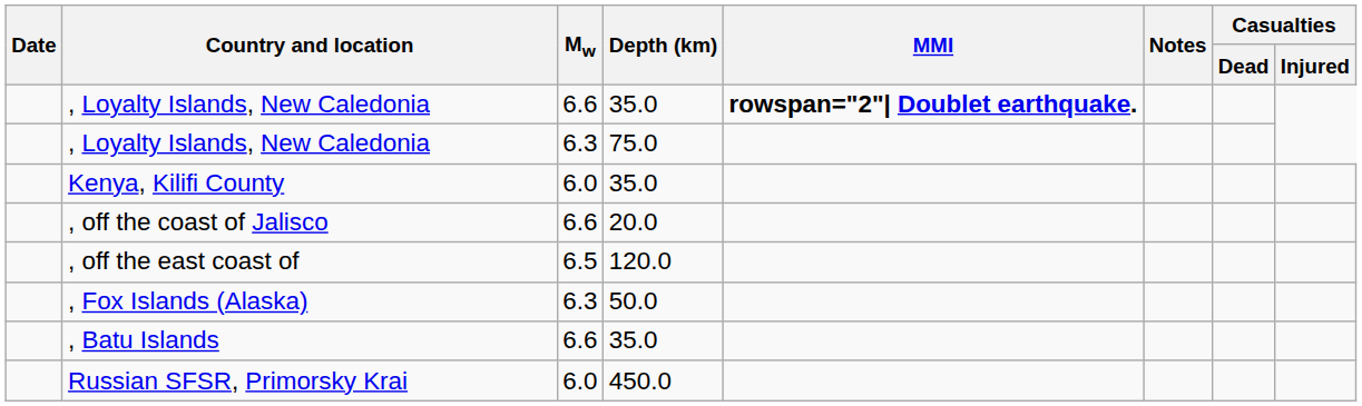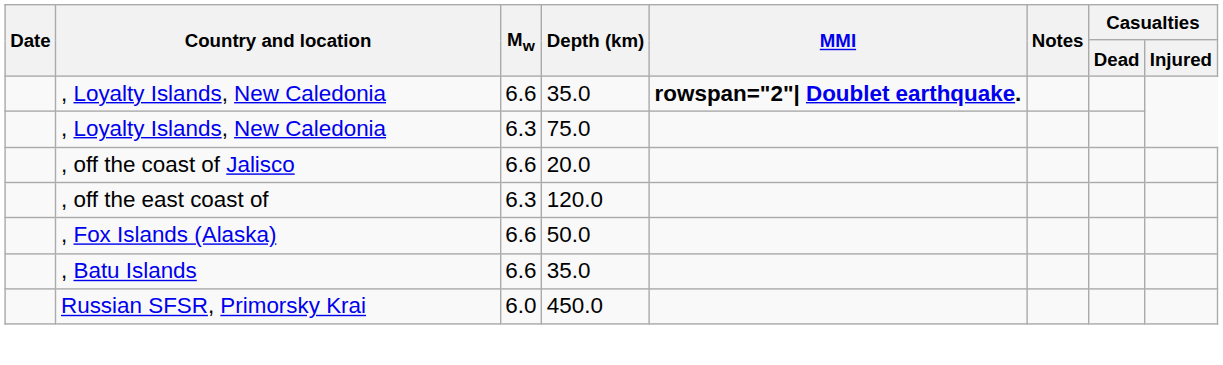 <table class="wikitable sortable sort-under" style="border:1px black; margin-left:1em;">
 <tr>
 <th rowspan="2"><small>Date</small></th>
 <th rowspan="2" style="width: 310px"><small>Country and location</small></th>
 <th rowspan="2"><small>M<sub>w</sub></small></th>
 <th rowspan="2"><small>Depth (km)</small></th>
 <th rowspan="2"><small><a href='#'>MMI</a></small></th>
 <th rowspan="2" class="unsortable"><small>Notes</small></th>
 <th colspan="2"><small>Casualties</small></th>
 </tr>
 <tr>
 <th><small>Dead</small></th>
 <th><small>Injured</small></th>
 </tr>
 <tr>
 <td></td>
 <td>, <a href='#'>Loyalty Islands</a>, <a href='#'>New Caledonia</a></td>
 <td>6.6</td>
 <td>35.0</td>
 <td><strong>rowspan="2"| <a href='#'>Doublet earthquake</a>.</strong></td>
 <td></td>
 <td></td>
 </tr>
 <tr>
 <td></td>
 <td>, <a href='#'>Loyalty Islands</a>, <a href='#'>New Caledonia</a></td>
 <td>6.3</td>
 <td>75.0</td>
 <td></td>
 <td></td>
 <td></td>
 </tr>
 <tr>
 <td></td>
-<td> <a href='#'>Kenya</a>, <a href='#'>Kilifi County</a></td>
-<td>6.0</td>
-<td>35.0</td>
-<td></td>
-<td></td>
-<td></td>
-<td></td>
-</tr>
-<tr>
-<td></td>
 <td>, off the coast of <a href='#'>Jalisco</a></td>
 <td>6.6</td>
 <td>20.0</td>
 <td></td>
 <td></td>
 <td></td>
 <td></td>
 </tr>
 <tr>
 <td></td>
 <td>, off the east coast of</td>
-<td>6.5</td>
+<td>6.3</td>
 <td>120.0</td>
 <td></td>
 <td></td>
 <td></td>
 <td></td>
 </tr>
 <tr>
 <td></td>
 <td>, <a href='#'>Fox Islands (Alaska)</a></td>
-<td>6.3</td>
+<td>6.6</td>
 <td>50.0</td>
 <td></td>
 <td></td>
 <td></td>
 <td></td>
 </tr>
 <tr>
 <td></td>
 <td>, <a href='#'>Batu Islands</a></td>
 <td>6.6</td>
 <td>35.0</td>
 <td></td>
 <td></td>
 <td></td>
 <td></td>
 </tr>
 <tr>
 <td></td>
 <td> <a href='#'>Russian SFSR</a>, <a href='#'>Primorsky Krai</a></td>
 <td>6.0</td>
 <td>450.0</td>
 <td></td>
 <td></td>
 <td></td>
 <td></td>
 </tr>
 </table>
